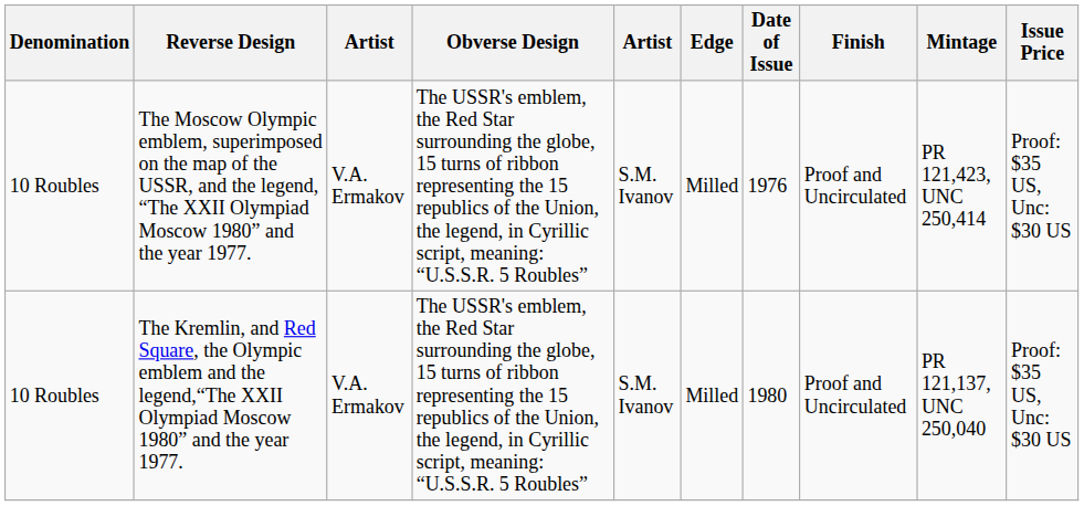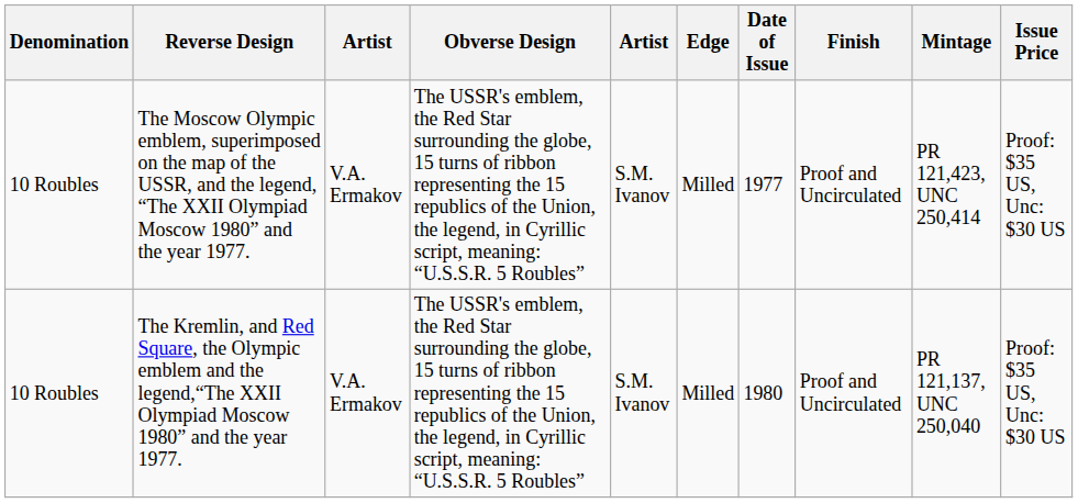 <table class="wikitable">
 <tr>
 <th>Denomination</th>
 <th>Reverse Design</th>
 <th>Artist</th>
 <th>Obverse Design</th>
 <th>Artist</th>
 <th>Edge</th>
 <th>Date of Issue</th>
 <th>Finish</th>
 <th>Mintage</th>
 <th>Issue Price</th>
 </tr>
 <tr>
 <td>10 Roubles</td>
 <td>The Moscow Olympic emblem, superimposed on the map of the USSR, and the legend, “The XXII Olympiad Moscow 1980” and the year 1977.</td>
 <td>V.A. Ermakov</td>
 <td>The USSR's emblem, the Red Star surrounding the globe, 15 turns of ribbon representing the 15 republics of the Union, the legend, in Cyrillic script, meaning: “U.S.S.R. 5 Roubles”</td>
 <td>S.M. Ivanov</td>
 <td>Milled</td>
-<td>1976</td>
+<td>1977</td>
 <td>Proof and Uncirculated</td>
 <td>PR 121,423, UNC 250,414</td>
 <td>Proof: $35 US, Unc: $30 US</td>
 </tr>
 <tr>
 <td>10 Roubles</td>
 <td>The Kremlin, and <a href='#'>Red Square</a>, the Olympic emblem and the legend,“The XXII Olympiad Moscow 1980” and the year 1977.</td>
 <td>V.A. Ermakov</td>
 <td>The USSR's emblem, the Red Star surrounding the globe, 15 turns of ribbon representing the 15 republics of the Union, the legend, in Cyrillic script, meaning: “U.S.S.R. 5 Roubles”</td>
 <td>S.M. Ivanov</td>
 <td>Milled</td>
 <td>1980</td>
 <td>Proof and Uncirculated</td>
 <td>PR 121,137, UNC 250,040</td>
 <td>Proof: $35 US, Unc: $30 US</td>
 </tr>
 <tr>
 </tr>
 </table>
